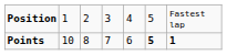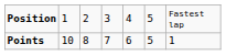 <table class="wikitable" style="font-size: 95%;">
 <tr>
 <td><strong>Position</strong></td>
 <td width=20>1</td>
 <td width=20>2</td>
 <td width=20>3</td>
 <td width=20>4</td>
 <td width=20>5</td>
 <td width=60><small>Fastest lap</small></td>
 </tr>
 <tr>
 <td><strong>Points</strong></td>
 <td>10</td>
 <td>8</td>
 <td>7</td>
 <td>6</td>
-<td><strong>5</strong></td>
-<td><strong>1</strong></td>
+<td>5</td>
+<td>1</td>
 </tr>
 </table>
